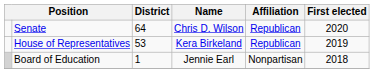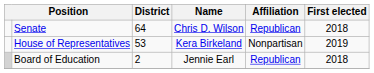 <table class="wikitable">
 <tr>
 <th colspan="2" style="text-align:center; vertical-align:bottom;">Position</th>
 <th>District</th>
 <th style="text-align:center;">Name</th>
 <th valign="bottom">Affiliation</th>
 <th style="vertical-align:bottom; text-align:center;">First elected</th>
 </tr>
 <tr>
 <td style="background-color:"> </td>
 <td><a href='#'>Senate</a></td>
 <td>64</td>
 <td style="text-align:center;"><a href='#'>Chris D. Wilson</a></td>
 <td style="text-align:center;"><a href='#'>Republican</a></td>
-<td style="text-align:center;">2020</td>
+<td style="text-align:center;">2018</td>
 </tr>
 <tr>
 <td style="background-color:"> </td>
 <td><a href='#'>House of Representatives</a></td>
 <td>53</td>
 <td style="text-align:center;"><a href='#'>Kera Birkeland</a></td>
-<td style="text-align:center;"><a href='#'>Republican</a></td>
+<td style="text-align:center;">Nonpartisan</td>
 <td style="text-align:center;">2019</td>
 </tr>
 <tr>
 <td style="background-color:lightgrey"> </td>
 <td>Board of Education</td>
-<td>1</td>
+<td>2</td>
 <td style="text-align:center;">Jennie Earl</td>
-<td style="text-align:center;">Nonpartisan</td>
+<td style="text-align:center;"><a href='#'>Republican</a></td>
 <td style="text-align:center;">2018</td>
 </tr>
 <tr>
 </tr>
 </table>
